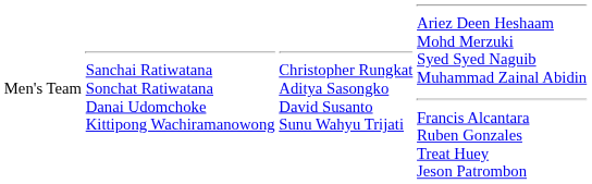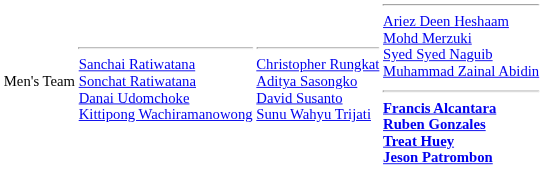 <table>
 <tr>
 <td rowspan=2>Men's Team</td>
 <td rowspan=2> <hr> <a href='#'>Sanchai Ratiwatana</a> <br> <a href='#'>Sonchat Ratiwatana</a> <br> <a href='#'>Danai Udomchoke</a> <br> <a href='#'>Kittipong Wachiramanowong</a></td>
 <td rowspan=2> <hr> <a href='#'>Christopher Rungkat</a> <br> <a href='#'>Aditya Sasongko</a> <br> <a href='#'>David Susanto</a> <br> <a href='#'>Sunu Wahyu Trijati</a></td>
 <td> <hr> <a href='#'>Ariez Deen Heshaam</a> <br> <a href='#'>Mohd Merzuki</a> <br> <a href='#'>Syed Syed Naguib</a> <br> <a href='#'>Muhammad Zainal Abidin</a></td>
 </tr>
 <tr>
-<td> <hr> <a href='#'>Francis Alcantara</a> <br> <a href='#'>Ruben Gonzales</a> <br> <a href='#'>Treat Huey</a> <br> <a href='#'>Jeson Patrombon</a></td>
+<td><strong> <hr> <a href='#'>Francis Alcantara</a> <br> <a href='#'>Ruben Gonzales</a> <br> <a href='#'>Treat Huey</a> <br> <a href='#'>Jeson Patrombon</a></strong></td>
 </tr>
 <tr>
 </tr>
 </table>
